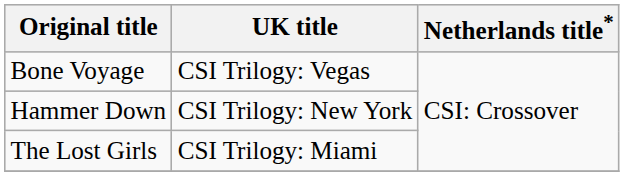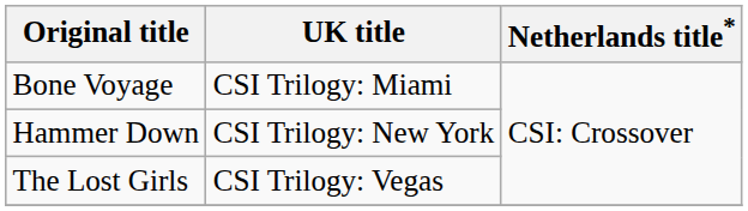 <table class="wikitable" border="1">
 <tr>
 <th>Original title</th>
 <th>UK title</th>
 <th>Netherlands title<sup>*</sup></th>
 </tr>
 <tr>
 <td>Bone Voyage</td>
-<td>CSI Trilogy: Vegas</td>
+<td>CSI Trilogy: Miami</td>
 <td rowspan="3">CSI: Crossover</td>
 </tr>
 <tr>
 <td>Hammer Down</td>
 <td>CSI Trilogy: New York</td>
 </tr>
 <tr>
 <td>The Lost Girls</td>
-<td>CSI Trilogy: Miami</td>
+<td>CSI Trilogy: Vegas</td>
 </tr>
 <tr>
 </tr>
 </table>
